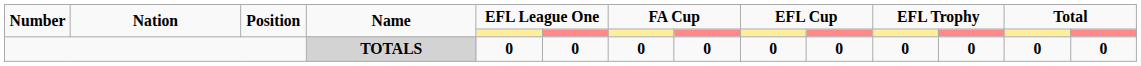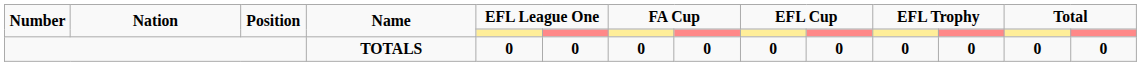 <table class="wikitable" style="text-align: center;">
 <tr>
 <td rowspan="2" width="60" align="center"><strong>Number</strong></td>
 <td rowspan="2" width="15%" align="center"><strong>Nation</strong></td>
 <td rowspan="2" width="60" align="center"><strong>Position</strong></td>
 <td rowspan="2" width="15%" align="center"><strong>Name</strong></td>
 <td colspan="2" align="center"><strong>EFL League One</strong></td>
 <td colspan="2" align="center"><strong>FA Cup</strong></td>
 <td colspan="2" align="center"><strong>EFL Cup</strong></td>
 <td colspan="2" align="center"><strong>EFL Trophy</strong></td>
 <td colspan="2" align="center"><strong>Total</strong></td>
 </tr>
 <tr>
 <th width=60 style="background: #FFEE99"></th>
 <th width=60 style="background: #FF8888"></th>
 <th width=60 style="background: #FFEE99"></th>
 <th width=60 style="background: #FF8888"></th>
 <th width=60 style="background: #FFEE99"></th>
 <th width=60 style="background: #FF8888"></th>
 <th width=60 style="background: #FFEE99"></th>
 <th width=60 style="background: #FF8888"></th>
 <th width=60 style="background: #FFEE99"></th>
 <th width=60 style="background: #FF8888"></th>
 </tr>
 <tr>
 <td colspan="3"></td>
-<td style="background: lightgrey;"><strong>TOTALS</strong></td>
+<td><strong>TOTALS</strong></td>
 <td><strong>0</strong></td>
 <td><strong>0</strong></td>
 <td><strong>0</strong></td>
 <td><strong>0</strong></td>
 <td><strong>0</strong></td>
 <td><strong>0</strong></td>
 <td><strong>0</strong></td>
 <td><strong>0</strong></td>
 <td><strong>0</strong></td>
 <td><strong>0</strong></td>
 </tr>
 </table>
